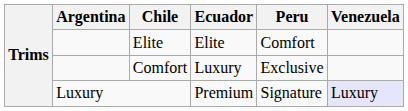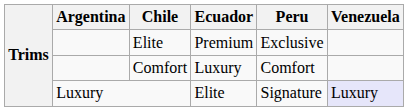 <table class="wikitable">
 <tr>
 <th rowspan="4">Trims</th>
 <th>Argentina</th>
 <th>Chile</th>
 <th>Ecuador</th>
 <th>Peru</th>
 <th>Venezuela</th>
 </tr>
 <tr>
 <td></td>
 <td>Elite</td>
-<td>Elite</td>
-<td>Comfort</td>
+<td>Premium</td>
+<td>Exclusive</td>
 <td></td>
 </tr>
 <tr>
 <td></td>
 <td>Comfort</td>
 <td>Luxury</td>
-<td>Exclusive</td>
+<td>Comfort</td>
 <td></td>
 </tr>
 <tr>
 <td colspan="2">Luxury</td>
-<td>Premium</td>
+<td>Elite</td>
 <td>Signature</td>
 <td style="background: lavender;">Luxury</td>
 </tr>
 </table>
